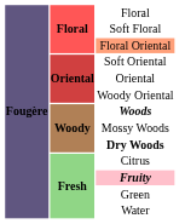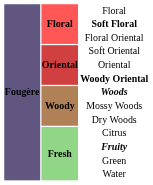 <table>
 <tr>
 <th rowspan=13 style="background:#605680;">Fougère</th>
 <th rowspan=3 style="background:#ff5656;">Floral</th>
 <td align="center">Floral</td>
 </tr>
 <tr>
-<td align="center">Soft Floral</td>
+<td align="center"><strong>Soft Floral</strong></td>
 </tr>
 <tr>
-<td align="center" style="background: lightsalmon;">Floral Oriental</td>
+<td align="center">Floral Oriental</td>
 </tr>
 <tr>
 <th rowspan=3 style="background:#d04040;">Oriental</th>
 <td align="center">Soft Oriental</td>
 </tr>
 <tr>
 <td align="center">Oriental</td>
 </tr>
 <tr>
-<td align="center">Woody Oriental</td>
+<td align="center"><strong>Woody Oriental</strong></td>
 </tr>
 <tr>
 <th rowspan=3 style="background:#b08056;">Woody</th>
 <td align="center"><strong><em>Woods</em></strong></td>
 </tr>
 <tr>
 <td align="center">Mossy Woods</td>
 </tr>
 <tr>
-<td align="center"><strong>Dry Woods</strong></td>
+<td align="center">Dry Woods</td>
 </tr>
 <tr>
 <th rowspan=4 style="background:#90d686;">Fresh</th>
 <td align="center">Citrus</td>
 </tr>
 <tr>
-<td align="center" style="background: pink;"><strong><em>Fruity</em></strong></td>
+<td align="center"><strong><em>Fruity</em></strong></td>
 </tr>
 <tr>
 <td align="center">Green</td>
 </tr>
 <tr>
 <td align="center">Water</td>
 </tr>
 </table>
